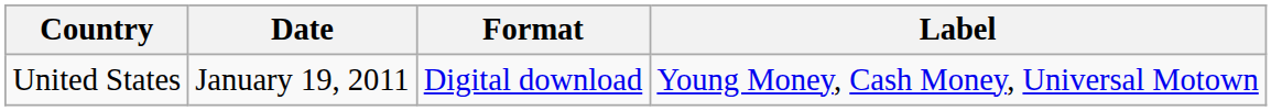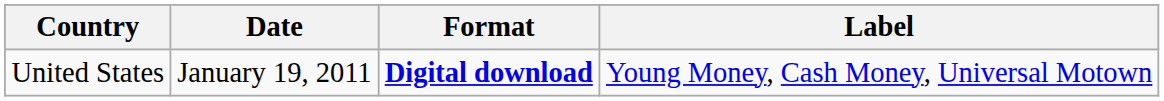 <table class="wikitable plainrowheaders">
 <tr>
 <th scope="col">Country</th>
 <th scope="col">Date</th>
 <th scope="col">Format</th>
 <th scope="col">Label</th>
 </tr>
 <tr>
 <td>United States</td>
 <td>January 19, 2011</td>
-<td><a href='#'>Digital download</a></td>
+<td><strong><a href='#'>Digital download</a></strong></td>
 <td rowspan="2"><a href='#'>Young Money</a>, <a href='#'>Cash Money</a>, <a href='#'>Universal Motown</a></td>
 </tr>
 </table>
